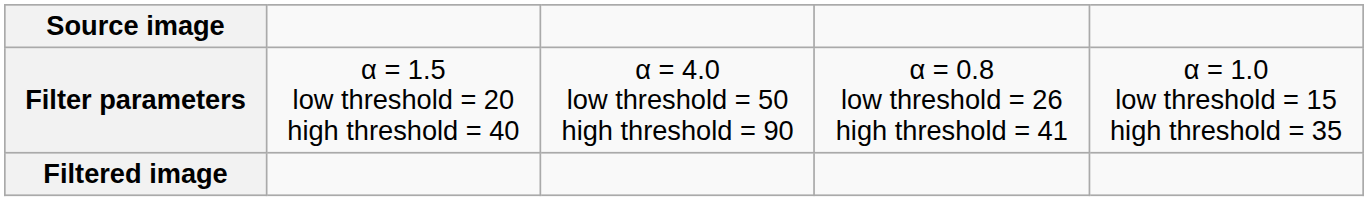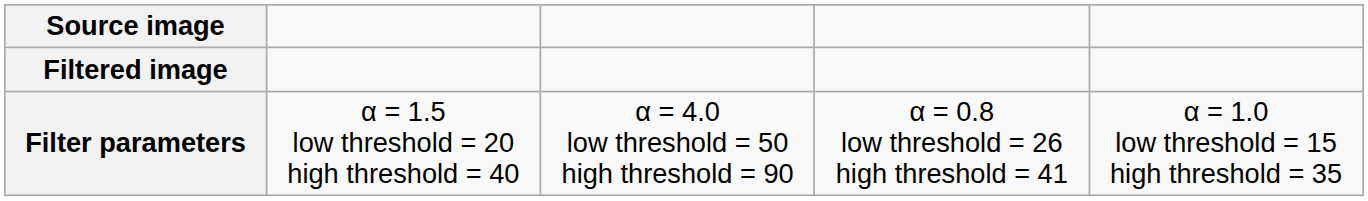 <table class="wikitable" width="800" style="text-align:center;margin: 1em auto 1em auto">
 <tr>
 <th>Source image</th>
+<td></td>
+<td></td>
+<td></td>
+<td></td>
+</tr>
+<tr>
+<th>Filtered image</th>
 <td></td>
 <td></td>
 <td></td>
 <td></td>
 </tr>
 <tr>
 <th>Filter parameters</th>
 <td>α = 1.5<br>low threshold = 20<br>high threshold = 40</td>
 <td>α = 4.0<br>low threshold = 50<br>high threshold = 90</td>
 <td>α = 0.8<br>low threshold = 26<br>high threshold = 41</td>
 <td>α = 1.0<br>low threshold = 15<br>high threshold = 35</td>
 </tr>
-<tr>
-<th>Filtered image</th>
-<td></td>
-<td></td>
-<td></td>
-<td></td>
-</tr>
 </table>
